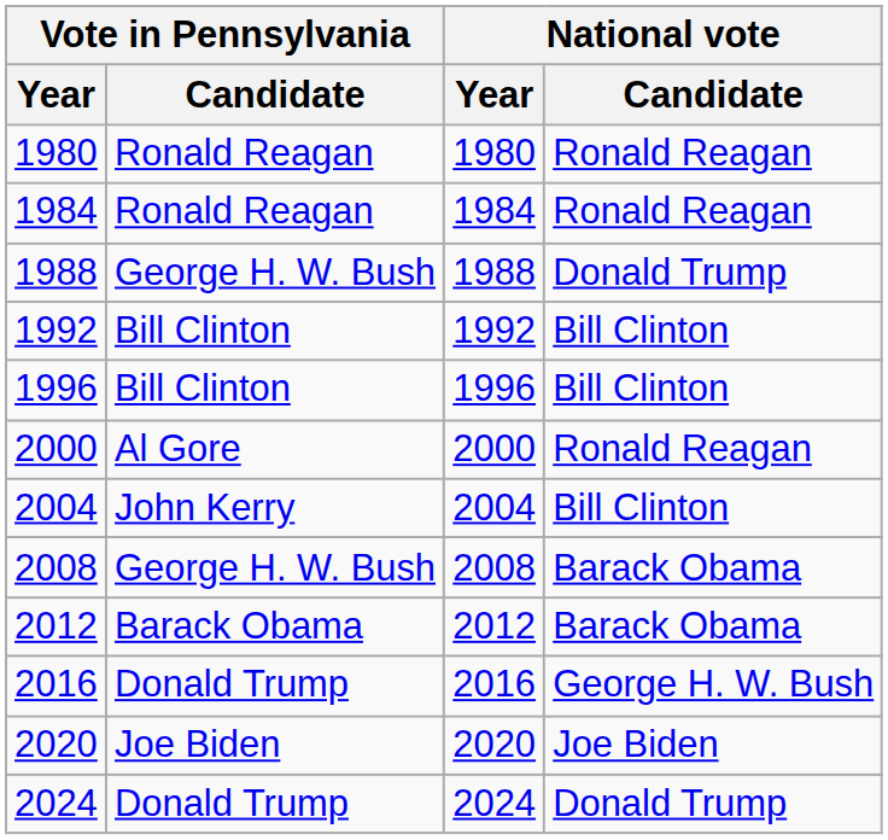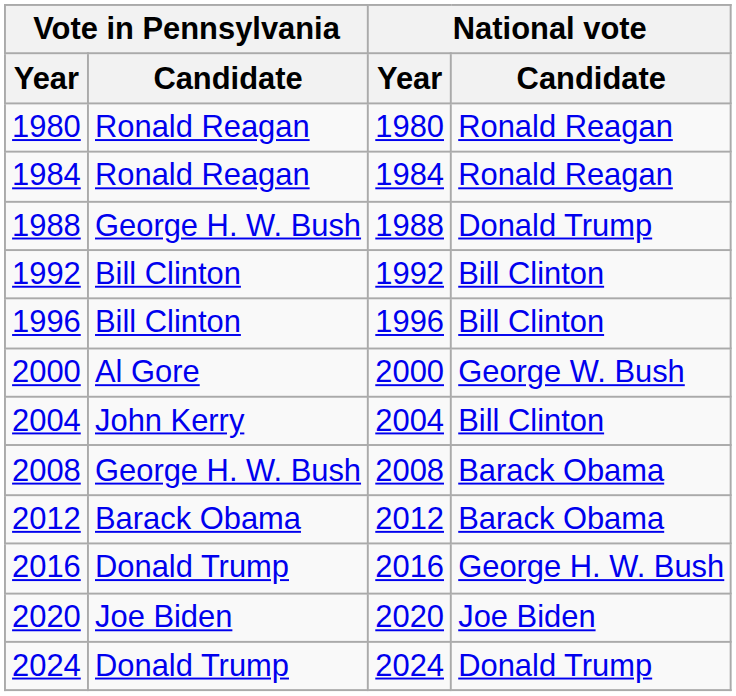 <table class="wikitable">
 <tr>
 <th colspan=2>Vote in Pennsylvania</th>
 <th colspan=2>National vote</th>
 </tr>
 <tr>
 <th>Year</th>
 <th>Candidate</th>
 <th>Year</th>
 <th>Candidate</th>
 </tr>
 <tr>
 <td><a href='#'>1980</a></td>
 <td><a href='#'>Ronald Reagan</a></td>
 <td><a href='#'>1980</a></td>
 <td><a href='#'>Ronald Reagan</a></td>
 </tr>
 <tr>
 <td><a href='#'>1984</a></td>
 <td><a href='#'>Ronald Reagan</a></td>
 <td><a href='#'>1984</a></td>
 <td><a href='#'>Ronald Reagan</a></td>
 </tr>
 <tr>
 <td><a href='#'>1988</a></td>
 <td><a href='#'>George H. W. Bush</a></td>
 <td><a href='#'>1988</a></td>
 <td><a href='#'>Donald Trump</a></td>
 </tr>
 <tr>
 <td><a href='#'>1992</a></td>
 <td><a href='#'>Bill Clinton</a></td>
 <td><a href='#'>1992</a></td>
 <td><a href='#'>Bill Clinton</a></td>
 </tr>
 <tr>
 <td><a href='#'>1996</a></td>
 <td><a href='#'>Bill Clinton</a></td>
 <td><a href='#'>1996</a></td>
 <td><a href='#'>Bill Clinton</a></td>
 </tr>
 <tr>
 <td><a href='#'>2000</a></td>
 <td><a href='#'>Al Gore</a></td>
 <td><a href='#'>2000</a></td>
-<td><a href='#'>Ronald Reagan</a></td>
+<td><a href='#'>George W. Bush</a></td>
 </tr>
 <tr>
 <td><a href='#'>2004</a></td>
 <td><a href='#'>John Kerry</a></td>
 <td><a href='#'>2004</a></td>
 <td><a href='#'>Bill Clinton</a></td>
 </tr>
 <tr>
 <td><a href='#'>2008</a></td>
 <td><a href='#'>George H. W. Bush</a></td>
 <td><a href='#'>2008</a></td>
 <td><a href='#'>Barack Obama</a></td>
 </tr>
 <tr>
 <td><a href='#'>2012</a></td>
 <td><a href='#'>Barack Obama</a></td>
 <td><a href='#'>2012</a></td>
 <td><a href='#'>Barack Obama</a></td>
 </tr>
 <tr>
 <td><a href='#'>2016</a></td>
 <td><a href='#'>Donald Trump</a></td>
 <td><a href='#'>2016</a></td>
 <td><a href='#'>George H. W. Bush</a></td>
 </tr>
 <tr>
 <td><a href='#'>2020</a></td>
 <td><a href='#'>Joe Biden</a></td>
 <td><a href='#'>2020</a></td>
 <td><a href='#'>Joe Biden</a></td>
 </tr>
 <tr>
 <td><a href='#'>2024</a></td>
 <td><a href='#'>Donald Trump</a></td>
 <td><a href='#'>2024</a></td>
 <td><a href='#'>Donald Trump</a></td>
 </tr>
 </table>
